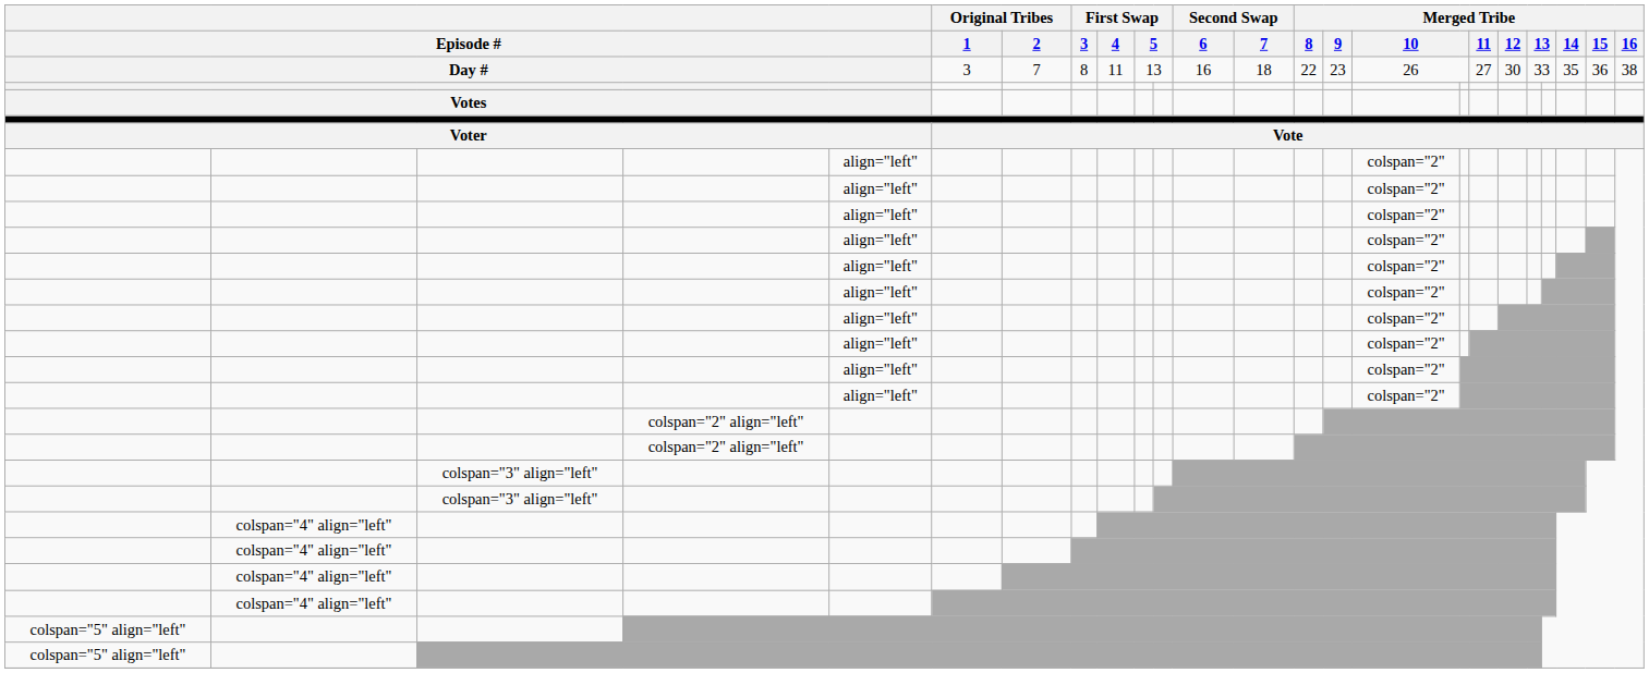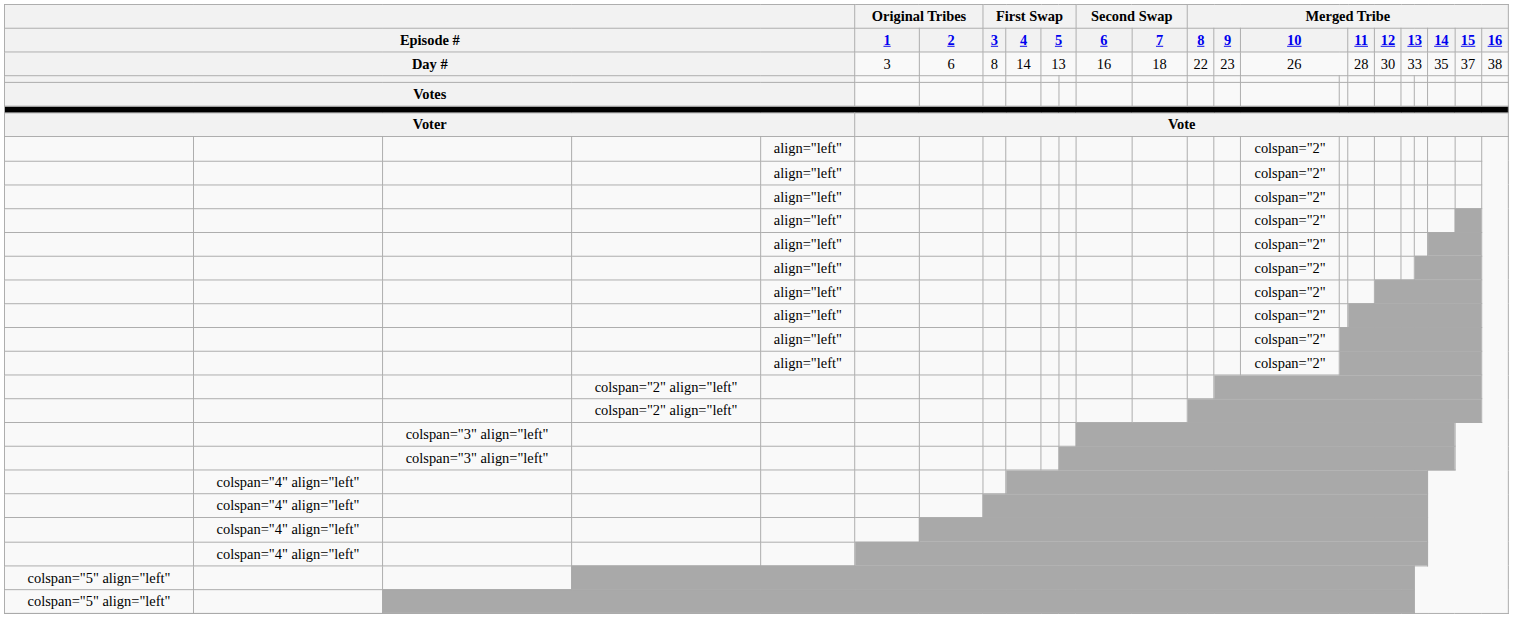 <table class="wikitable" style="text-align:center; font-size:95%; width:100%">
 <tr>
 <th colspan="5"></th>
 <th colspan="2">Original Tribes</th>
 <th colspan="4">First Swap</th>
 <th colspan="2">Second Swap</th>
 <th colspan="11">Merged Tribe</th>
 </tr>
 <tr>
 <th colspan="5">Episode #</th>
 <th><a href='#'>1</a></th>
 <th><a href='#'>2</a></th>
 <th><a href='#'>3</a></th>
 <th><a href='#'>4</a></th>
 <th colspan="2"><a href='#'>5</a></th>
 <th><a href='#'>6</a></th>
 <th><a href='#'>7</a></th>
 <th><a href='#'>8</a></th>
 <th><a href='#'>9</a></th>
 <th colspan="2"><a href='#'>10</a></th>
 <th><a href='#'>11</a></th>
 <th><a href='#'>12</a></th>
 <th colspan="2"><a href='#'>13</a></th>
 <th><a href='#'>14</a></th>
 <th><a href='#'>15</a></th>
 <th><a href='#'>16</a></th>
 </tr>
 <tr>
 <th colspan="5">Day #</th>
 <td>3</td>
-<td>7</td>
+<td>6</td>
 <td>8</td>
-<td>11</td>
+<td>14</td>
 <td colspan="2">13</td>
 <td>16</td>
 <td>18</td>
 <td>22</td>
 <td>23</td>
 <td colspan="2">26</td>
-<td>27</td>
+<td>28</td>
 <td>30</td>
 <td colspan="2">33</td>
 <td>35</td>
-<td>36</td>
+<td>37</td>
 <td>38</td>
 </tr>
 <tr>
 <th colspan="5"></th>
 <td></td>
 <td></td>
 <td></td>
 <td></td>
 <td></td>
 <td></td>
 <td></td>
 <td></td>
 <td></td>
 <td></td>
 <td></td>
 <td></td>
 <td></td>
 <td></td>
 <td></td>
 <td></td>
 <td></td>
 <td></td>
 <td></td>
 </tr>
 <tr>
 <th colspan="5">Votes</th>
 <td></td>
 <td></td>
 <td></td>
 <td></td>
 <td></td>
 <td></td>
 <td></td>
 <td></td>
 <td></td>
 <td></td>
 <td></td>
 <td></td>
 <td></td>
 <td></td>
 <td></td>
 <td></td>
 <td></td>
 <td></td>
 <td></td>
 </tr>
 <tr>
 <td bgcolor=#000000 colspan="24"></td>
 </tr>
 <tr>
 <th colspan="5">Voter</th>
 <th colspan="19">Vote</th>
 </tr>
 <tr>
 <td></td>
 <td></td>
 <td></td>
 <td></td>
 <td>align="left" </td>
 <td></td>
 <td></td>
 <td></td>
 <td></td>
 <td></td>
 <td></td>
 <td></td>
 <td></td>
 <td></td>
 <td></td>
 <td>colspan="2" </td>
 <td></td>
 <td></td>
 <td></td>
 <td></td>
 <td></td>
 <td></td>
 <td></td>
 </tr>
 <tr>
 <td></td>
 <td></td>
 <td></td>
 <td></td>
 <td>align="left" </td>
 <td></td>
 <td></td>
 <td></td>
 <td></td>
 <td></td>
 <td></td>
 <td></td>
 <td></td>
 <td></td>
 <td></td>
 <td>colspan="2" </td>
 <td></td>
 <td></td>
 <td></td>
 <td></td>
 <td></td>
 <td></td>
 <td></td>
 </tr>
 <tr>
 <td></td>
 <td></td>
 <td></td>
 <td></td>
 <td>align="left" </td>
 <td></td>
 <td></td>
 <td></td>
 <td></td>
 <td></td>
 <td></td>
 <td></td>
 <td></td>
 <td></td>
 <td></td>
 <td>colspan="2" </td>
 <td></td>
 <td></td>
 <td></td>
 <td></td>
 <td></td>
 <td></td>
 <td></td>
 </tr>
 <tr>
 <td></td>
 <td></td>
 <td></td>
 <td></td>
 <td>align="left" </td>
 <td></td>
 <td></td>
 <td></td>
 <td></td>
 <td></td>
 <td></td>
 <td></td>
 <td></td>
 <td></td>
 <td></td>
 <td>colspan="2" </td>
 <td></td>
 <td></td>
 <td></td>
 <td></td>
 <td></td>
 <td></td>
 <td colspan="1" style="background:darkgrey;"></td>
 </tr>
 <tr>
 <td></td>
 <td></td>
 <td></td>
 <td></td>
 <td>align="left" </td>
 <td></td>
 <td></td>
 <td></td>
 <td></td>
 <td></td>
 <td></td>
 <td></td>
 <td></td>
 <td></td>
 <td></td>
 <td>colspan="2" </td>
 <td></td>
 <td></td>
 <td></td>
 <td></td>
 <td></td>
 <td colspan="2" style="background:darkgrey;"></td>
 </tr>
 <tr>
 <td></td>
 <td></td>
 <td></td>
 <td></td>
 <td>align="left" </td>
 <td></td>
 <td></td>
 <td></td>
 <td></td>
 <td></td>
 <td></td>
 <td></td>
 <td></td>
 <td></td>
 <td></td>
 <td>colspan="2" </td>
 <td></td>
 <td></td>
 <td></td>
 <td></td>
 <td colspan="3" style="background:darkgrey;"></td>
 </tr>
 <tr>
 <td></td>
 <td></td>
 <td></td>
 <td></td>
 <td>align="left" </td>
 <td></td>
 <td></td>
 <td></td>
 <td></td>
 <td></td>
 <td></td>
 <td></td>
 <td></td>
 <td></td>
 <td></td>
 <td>colspan="2" </td>
 <td></td>
 <td></td>
 <td colspan="5" style="background:darkgrey;"></td>
 </tr>
 <tr>
 <td></td>
 <td></td>
 <td></td>
 <td></td>
 <td>align="left" </td>
 <td></td>
 <td></td>
 <td></td>
 <td></td>
 <td></td>
 <td></td>
 <td></td>
 <td></td>
 <td></td>
 <td></td>
 <td>colspan="2" </td>
 <td></td>
 <td colspan="6" style="background:darkgrey;"></td>
 </tr>
 <tr>
 <td></td>
 <td></td>
 <td></td>
 <td></td>
 <td>align="left" </td>
 <td></td>
 <td></td>
 <td></td>
 <td></td>
 <td></td>
 <td></td>
 <td></td>
 <td></td>
 <td></td>
 <td></td>
 <td>colspan="2" </td>
 <td colspan="7" style="background:darkgrey;"></td>
 </tr>
 <tr>
 <td></td>
 <td></td>
 <td></td>
 <td></td>
 <td>align="left" </td>
 <td></td>
 <td></td>
 <td></td>
 <td></td>
 <td></td>
 <td></td>
 <td></td>
 <td></td>
 <td></td>
 <td></td>
 <td>colspan="2" </td>
 <td colspan="7" style="background:darkgrey;"></td>
 </tr>
 <tr>
 <td></td>
 <td></td>
 <td></td>
 <td>colspan="2" align="left" </td>
 <td></td>
 <td></td>
 <td></td>
 <td></td>
 <td></td>
 <td></td>
 <td></td>
 <td></td>
 <td></td>
 <td></td>
 <td colspan="9" style="background:darkgrey;"></td>
 </tr>
 <tr>
 <td></td>
 <td></td>
 <td></td>
 <td>colspan="2" align="left" </td>
 <td></td>
 <td></td>
 <td></td>
 <td></td>
 <td></td>
 <td></td>
 <td></td>
 <td></td>
 <td></td>
 <td colspan="10" style="background:darkgrey;"></td>
 </tr>
 <tr>
 <td></td>
 <td></td>
 <td>colspan="3" align="left" </td>
 <td></td>
 <td></td>
 <td></td>
 <td></td>
 <td></td>
 <td></td>
 <td></td>
 <td></td>
 <td colspan="11" style="background:darkgrey;"></td>
 </tr>
 <tr>
 <td></td>
 <td></td>
 <td>colspan="3" align="left" </td>
 <td></td>
 <td></td>
 <td></td>
 <td></td>
 <td></td>
 <td></td>
 <td></td>
 <td colspan="12" style="background:darkgrey;"></td>
 </tr>
 <tr>
 <td></td>
 <td>colspan="4" align="left" </td>
 <td></td>
 <td></td>
 <td></td>
 <td></td>
 <td></td>
 <td></td>
 <td colspan="13" style="background:darkgrey;"></td>
 </tr>
 <tr>
 <td></td>
 <td>colspan="4" align="left" </td>
 <td></td>
 <td></td>
 <td></td>
 <td></td>
 <td></td>
 <td colspan="14" style="background:darkgrey;"></td>
 </tr>
 <tr>
 <td></td>
 <td>colspan="4" align="left" </td>
 <td></td>
 <td></td>
 <td></td>
 <td></td>
 <td colspan="15" style="background:darkgrey;"></td>
 </tr>
 <tr>
 <td></td>
 <td>colspan="4" align="left" </td>
 <td></td>
 <td></td>
 <td></td>
 <td colspan="16" style="background:darkgrey;"></td>
 </tr>
 <tr>
 <td>colspan="5" align="left" </td>
 <td></td>
 <td></td>
 <td colspan="17" style="background:darkgrey;"></td>
 </tr>
 <tr>
 <td>colspan="5" align="left" </td>
 <td></td>
 <td colspan="18" style="background:darkgrey;"></td>
 </tr>
 <tr>
 </tr>
 </table>
